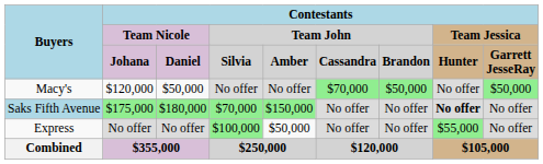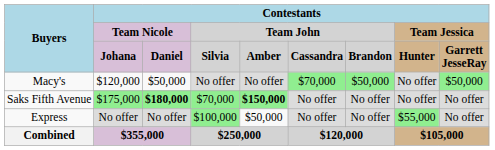 <table class="wikitable" style="text-align:center">
 <tr style="background:lightblue;">
 <td rowspan="3"><strong>Buyers</strong></td>
 <td colspan="10"><strong>Contestants</strong></td>
 </tr>
 <tr>
 <td bgcolor=Thistle colspan=2><strong>Team Nicole</strong></td>
 <td bgcolor=LightGray colspan=4><strong>Team John</strong></td>
 <td bgcolor=Tan colspan=2><strong>Team Jessica</strong></td>
 </tr>
 <tr>
 <td bgcolor=Thistle><strong>Johana</strong></td>
 <td bgcolor=Thistle><strong>Daniel</strong></td>
 <td bgcolor=LightGray><strong>Silvia</strong></td>
 <td bgcolor=LightGray><strong>Amber</strong></td>
 <td bgcolor=LightGray><strong>Cassandra</strong></td>
 <td bgcolor=LightGray><strong>Brandon</strong></td>
 <td bgcolor=Tan><strong>Hunter</strong></td>
 <td bgcolor=Tan><strong>Garrett<br>JesseRay</strong></td>
 </tr>
 <tr>
 <td>Macy's</td>
 <td>$120,000</td>
 <td>$50,000</td>
 <td bgcolor=#DCDCDC>No offer</td>
 <td bgcolor=#DCDCDC>No offer</td>
 <td bgcolor=lightgreen>$70,000</td>
 <td bgcolor=lightgreen>$50,000</td>
 <td bgcolor=#DCDCDC>No offer</td>
 <td bgcolor=lightgreen>$50,000</td>
 </tr>
 <tr>
-<td style="background: lightblue;">Saks Fifth Avenue</td>
+<td>Saks Fifth Avenue</td>
 <td bgcolor=lightgreen>$175,000</td>
-<td bgcolor=lightgreen>$180,000</td>
+<td bgcolor=lightgreen><strong>$180,000</strong></td>
 <td style="background: lightgreen;">$70,000</td>
-<td bgcolor=lightgreen>$150,000</td>
+<td bgcolor=lightgreen><strong>$150,000</strong></td>
 <td bgcolor=#DCDCDC>No offer</td>
 <td bgcolor=#DCDCDC>No offer</td>
-<td bgcolor=#DCDCDC><strong>No offer</strong></td>
+<td bgcolor=#DCDCDC>No offer</td>
 <td bgcolor=#DCDCDC>No offer</td>
 </tr>
 <tr>
 <td>Express</td>
 <td bgcolor=#DCDCDC>No offer</td>
 <td bgcolor=#DCDCDC>No offer</td>
 <td bgcolor=lightgreen>$100,000</td>
 <td>$50,000</td>
 <td bgcolor=#DCDCDC>No offer</td>
 <td bgcolor=#DCDCDC>No offer</td>
 <td bgcolor=lightgreen>$55,000</td>
 <td bgcolor=#DCDCDC>No offer</td>
 </tr>
 <tr>
 <th>Combined</th>
 <td bgcolor=Thistle colspan=2><strong>$355,000</strong></td>
 <td bgcolor=lightgray colspan=2><strong>$250,000</strong></td>
 <td bgcolor=lightgray colspan=2><strong>$120,000</strong></td>
 <td bgcolor=Tan colspan=2><strong>$105,000</strong></td>
 </tr>
 </table>
